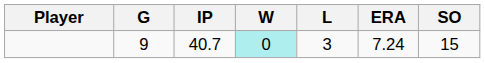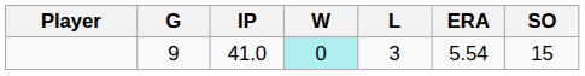 <table class="wikitable sortable">
 <tr>
 <th bgcolor="#DDDDFF" width="16%">Player</th>
 <th bgcolor="#DDDDFF" width="9%">G</th>
 <th bgcolor="#DDDDFF" width="9%">IP</th>
 <th bgcolor="#DDDDFF" width="9%">W</th>
 <th bgcolor="#DDDDFF" width="9%">L</th>
 <th bgcolor="#DDDDFF" width="9%">ERA</th>
 <th bgcolor="#DDDDFF" width="9%">SO</th>
 </tr>
 <tr align="center">
 <td></td>
 <td>9</td>
-<td>40.7</td>
+<td>41.0</td>
 <td style="background: paleturquoise;">0</td>
 <td>3</td>
-<td>7.24</td>
+<td>5.54</td>
 <td>15</td>
 </tr>
 </table>
